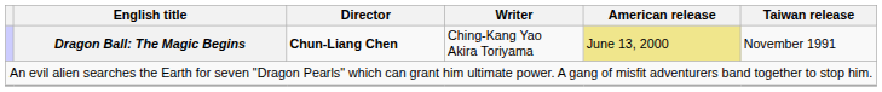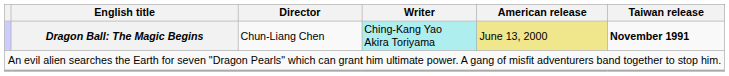 <table class="wikitable plainrowheaders">
 <tr>
 <th></th>
 <th>English title<br><em></em></th>
 <th>Director</th>
 <th>Writer</th>
 <th>American release</th>
 <th>Taiwan release</th>
 </tr>
 <tr>
 <td scope="row" style="text-align:center; background-color:#ccccff;"></td>
 <th scope="row"><em>Dragon Ball: The Magic Begins</em><br><em></th>
-<td><strong>Chun-Liang Chen</strong></td>
-<td>Ching-Kang Yao<br>Akira Toriyama</td>
+<td>Chun-Liang Chen</td>
+<td style="background: paleturquoise;">Ching-Kang Yao<br>Akira Toriyama</td>
 <td style="background: khaki;">June 13, 2000</td>
-<td>November 1991</td>
+<td><strong>November 1991</strong></td>
 </tr>
 <tr>
 <td colspan="6" style="border-bottom-width:3px; padding:5px;">An evil alien searches the Earth for seven "Dragon Pearls" which can grant him ultimate power. A gang of misfit adventurers band together to stop him.</td>
 </tr>
 </table>
